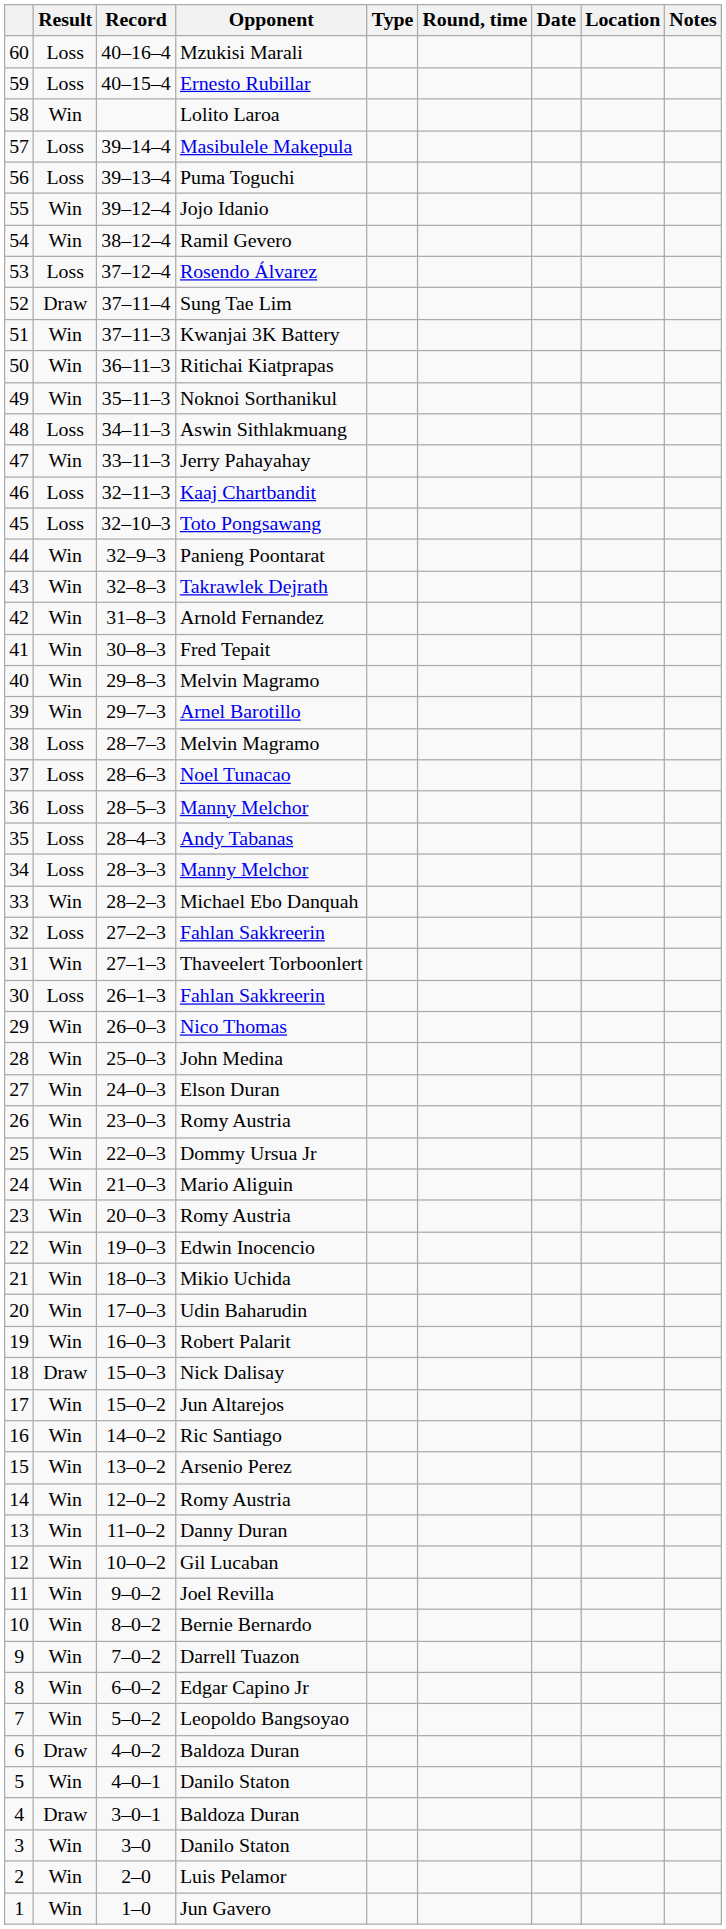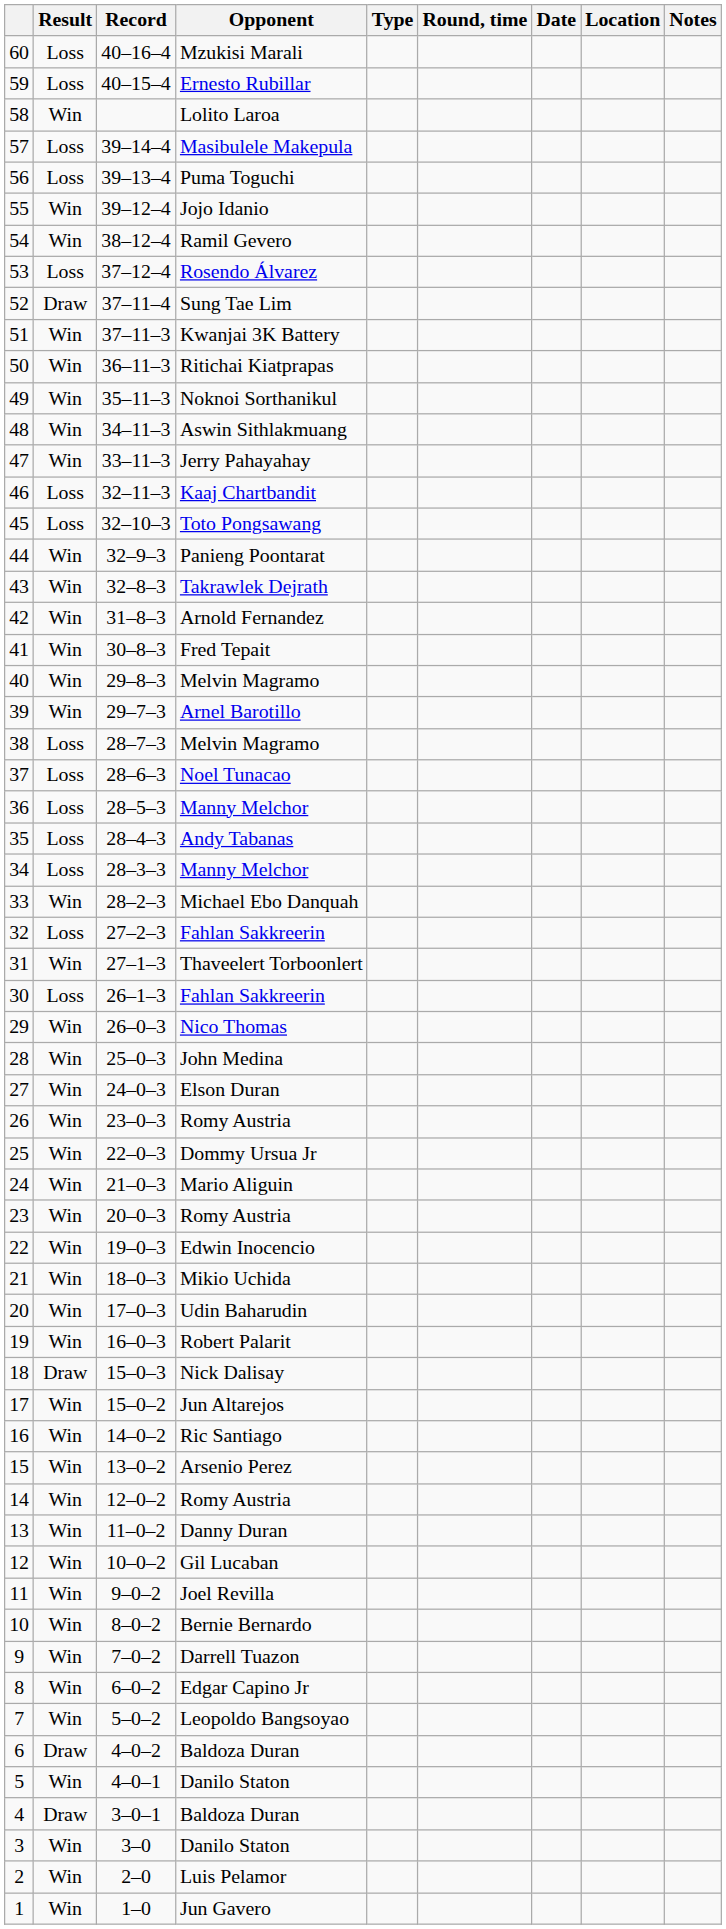 <table class="wikitable" style="text-align:center">
 <tr>
 <th></th>
 <th>Result</th>
 <th>Record</th>
 <th>Opponent</th>
 <th>Type</th>
 <th>Round, time</th>
 <th>Date</th>
 <th>Location</th>
 <th>Notes</th>
 </tr>
 <tr>
 <td>60</td>
 <td>Loss</td>
 <td>40–16–4</td>
 <td align=left>Mzukisi Marali</td>
 <td></td>
 <td></td>
 <td></td>
 <td align=left></td>
 <td align=left></td>
 </tr>
 <tr>
 <td>59</td>
 <td>Loss</td>
 <td>40–15–4</td>
 <td align=left><a href='#'>Ernesto Rubillar</a></td>
 <td></td>
 <td></td>
 <td></td>
 <td align=left></td>
 <td align=left></td>
 </tr>
 <tr>
 <td>58</td>
 <td>Win</td>
 <td></td>
 <td align=left>Lolito Laroa</td>
 <td></td>
 <td></td>
 <td></td>
 <td align=left></td>
 <td align=left></td>
 </tr>
 <tr>
 <td>57</td>
 <td>Loss</td>
 <td>39–14–4</td>
 <td align=left><a href='#'>Masibulele Makepula</a></td>
 <td></td>
 <td></td>
 <td></td>
 <td align=left></td>
 <td align=left></td>
 </tr>
 <tr>
 <td>56</td>
 <td>Loss</td>
 <td>39–13–4</td>
 <td align=left>Puma Toguchi</td>
 <td></td>
 <td></td>
 <td></td>
 <td align=left></td>
 <td align=left></td>
 </tr>
 <tr>
 <td>55</td>
 <td>Win</td>
 <td>39–12–4</td>
 <td align=left>Jojo Idanio</td>
 <td></td>
 <td></td>
 <td></td>
 <td align=left></td>
 <td align=left></td>
 </tr>
 <tr>
 <td>54</td>
 <td>Win</td>
 <td>38–12–4</td>
 <td align=left>Ramil Gevero</td>
 <td></td>
 <td></td>
 <td></td>
 <td align=left></td>
 <td align=left></td>
 </tr>
 <tr>
 <td>53</td>
 <td>Loss</td>
 <td>37–12–4</td>
 <td align=left><a href='#'>Rosendo Álvarez</a></td>
 <td></td>
 <td></td>
 <td></td>
 <td align=left></td>
 <td align=left></td>
 </tr>
 <tr>
 <td>52</td>
 <td>Draw</td>
 <td>37–11–4</td>
 <td align=left>Sung Tae Lim</td>
 <td></td>
 <td></td>
 <td></td>
 <td align=left></td>
 <td align=left></td>
 </tr>
 <tr>
 <td>51</td>
 <td>Win</td>
 <td>37–11–3</td>
 <td align=left>Kwanjai 3K Battery</td>
 <td></td>
 <td></td>
 <td></td>
 <td align=left></td>
 <td align=left></td>
 </tr>
 <tr>
 <td>50</td>
 <td>Win</td>
 <td>36–11–3</td>
 <td align=left>Ritichai Kiatprapas</td>
 <td></td>
 <td></td>
 <td></td>
 <td align=left></td>
 <td align=left></td>
 </tr>
 <tr>
 <td>49</td>
 <td>Win</td>
 <td>35–11–3</td>
 <td align=left>Noknoi Sorthanikul</td>
 <td></td>
 <td></td>
 <td></td>
 <td align=left></td>
 <td align=left></td>
 </tr>
 <tr>
 <td>48</td>
-<td>Loss</td>
+<td>Win</td>
 <td>34–11–3</td>
 <td align=left>Aswin Sithlakmuang</td>
 <td></td>
 <td></td>
 <td></td>
 <td align=left></td>
 <td align=left></td>
 </tr>
 <tr>
 <td>47</td>
 <td>Win</td>
 <td>33–11–3</td>
 <td align=left>Jerry Pahayahay</td>
 <td></td>
 <td></td>
 <td></td>
 <td align=left></td>
 <td align=left></td>
 </tr>
 <tr>
 <td>46</td>
 <td>Loss</td>
 <td>32–11–3</td>
 <td align=left><a href='#'>Kaaj Chartbandit</a></td>
 <td></td>
 <td></td>
 <td></td>
 <td align=left></td>
 <td align=left></td>
 </tr>
 <tr>
 <td>45</td>
 <td>Loss</td>
 <td>32–10–3</td>
 <td align=left><a href='#'>Toto Pongsawang</a></td>
 <td></td>
 <td></td>
 <td></td>
 <td align=left></td>
 <td align=left></td>
 </tr>
 <tr>
 <td>44</td>
 <td>Win</td>
 <td>32–9–3</td>
 <td align=left>Panieng Poontarat</td>
 <td></td>
 <td></td>
 <td></td>
 <td align=left></td>
 <td align=left></td>
 </tr>
 <tr>
 <td>43</td>
 <td>Win</td>
 <td>32–8–3</td>
 <td align=left><a href='#'>Takrawlek Dejrath</a></td>
 <td></td>
 <td></td>
 <td></td>
 <td align=left></td>
 <td align=left></td>
 </tr>
 <tr>
 <td>42</td>
 <td>Win</td>
 <td>31–8–3</td>
 <td align=left>Arnold Fernandez</td>
 <td></td>
 <td></td>
 <td></td>
 <td align=left></td>
 <td align=left></td>
 </tr>
 <tr>
 <td>41</td>
 <td>Win</td>
 <td>30–8–3</td>
 <td align=left>Fred Tepait</td>
 <td></td>
 <td></td>
 <td></td>
 <td align=left></td>
 <td align=left></td>
 </tr>
 <tr>
 <td>40</td>
 <td>Win</td>
 <td>29–8–3</td>
 <td align=left>Melvin Magramo</td>
 <td></td>
 <td></td>
 <td></td>
 <td align=left></td>
 <td align=left></td>
 </tr>
 <tr>
 <td>39</td>
 <td>Win</td>
 <td>29–7–3</td>
 <td align=left><a href='#'>Arnel Barotillo</a></td>
 <td></td>
 <td></td>
 <td></td>
 <td align=left></td>
 <td align=left></td>
 </tr>
 <tr>
 <td>38</td>
 <td>Loss</td>
 <td>28–7–3</td>
 <td align=left>Melvin Magramo</td>
 <td></td>
 <td></td>
 <td></td>
 <td align=left></td>
 <td align=left></td>
 </tr>
 <tr>
 <td>37</td>
 <td>Loss</td>
 <td>28–6–3</td>
 <td align=left><a href='#'>Noel Tunacao</a></td>
 <td></td>
 <td></td>
 <td></td>
 <td align=left></td>
 <td align=left></td>
 </tr>
 <tr>
 <td>36</td>
 <td>Loss</td>
 <td>28–5–3</td>
 <td align=left><a href='#'>Manny Melchor</a></td>
 <td></td>
 <td></td>
 <td></td>
 <td align=left></td>
 <td align=left></td>
 </tr>
 <tr>
 <td>35</td>
 <td>Loss</td>
 <td>28–4–3</td>
 <td align=left><a href='#'>Andy Tabanas</a></td>
 <td></td>
 <td></td>
 <td></td>
 <td align=left></td>
 <td align=left></td>
 </tr>
 <tr>
 <td>34</td>
 <td>Loss</td>
 <td>28–3–3</td>
 <td align=left><a href='#'>Manny Melchor</a></td>
 <td></td>
 <td></td>
 <td></td>
 <td align=left></td>
 <td align=left></td>
 </tr>
 <tr>
 <td>33</td>
 <td>Win</td>
 <td>28–2–3</td>
 <td align=left>Michael Ebo Danquah</td>
 <td></td>
 <td></td>
 <td></td>
 <td align=left></td>
 <td align=left></td>
 </tr>
 <tr>
 <td>32</td>
 <td>Loss</td>
 <td>27–2–3</td>
 <td align=left><a href='#'>Fahlan Sakkreerin</a></td>
 <td></td>
 <td></td>
 <td></td>
 <td align=left></td>
 <td align=left></td>
 </tr>
 <tr>
 <td>31</td>
 <td>Win</td>
 <td>27–1–3</td>
 <td align=left>Thaveelert Torboonlert</td>
 <td></td>
 <td></td>
 <td></td>
 <td align=left></td>
 <td align=left></td>
 </tr>
 <tr>
 <td>30</td>
 <td>Loss</td>
 <td>26–1–3</td>
 <td align=left><a href='#'>Fahlan Sakkreerin</a></td>
 <td></td>
 <td></td>
 <td></td>
 <td align=left></td>
 <td align=left></td>
 </tr>
 <tr>
 <td>29</td>
 <td>Win</td>
 <td>26–0–3</td>
 <td align=left><a href='#'>Nico Thomas</a></td>
 <td></td>
 <td></td>
 <td></td>
 <td align=left></td>
 <td align=left></td>
 </tr>
 <tr>
 <td>28</td>
 <td>Win</td>
 <td>25–0–3</td>
 <td align=left>John Medina</td>
 <td></td>
 <td></td>
 <td></td>
 <td align=left></td>
 <td align=left></td>
 </tr>
 <tr>
 <td>27</td>
 <td>Win</td>
 <td>24–0–3</td>
 <td align=left>Elson Duran</td>
 <td></td>
 <td></td>
 <td></td>
 <td align=left></td>
 <td align=left></td>
 </tr>
 <tr>
 <td>26</td>
 <td>Win</td>
 <td>23–0–3</td>
 <td align=left>Romy Austria</td>
 <td></td>
 <td></td>
 <td></td>
 <td align=left></td>
 <td align=left></td>
 </tr>
 <tr>
 <td>25</td>
 <td>Win</td>
 <td>22–0–3</td>
 <td align=left>Dommy Ursua Jr</td>
 <td></td>
 <td></td>
 <td></td>
 <td align=left></td>
 <td align=left></td>
 </tr>
 <tr>
 <td>24</td>
 <td>Win</td>
 <td>21–0–3</td>
 <td align=left>Mario Aliguin</td>
 <td></td>
 <td></td>
 <td></td>
 <td align=left></td>
 <td align=left></td>
 </tr>
 <tr>
 <td>23</td>
 <td>Win</td>
 <td>20–0–3</td>
 <td align=left>Romy Austria</td>
 <td></td>
 <td></td>
 <td></td>
 <td align=left></td>
 <td align=left></td>
 </tr>
 <tr>
 <td>22</td>
 <td>Win</td>
 <td>19–0–3</td>
 <td align=left>Edwin Inocencio</td>
 <td></td>
 <td></td>
 <td></td>
 <td align=left></td>
 <td align=left></td>
 </tr>
 <tr>
 <td>21</td>
 <td>Win</td>
 <td>18–0–3</td>
 <td align=left>Mikio Uchida</td>
 <td></td>
 <td></td>
 <td></td>
 <td align=left></td>
 <td align=left></td>
 </tr>
 <tr>
 <td>20</td>
 <td>Win</td>
 <td>17–0–3</td>
 <td align=left>Udin Baharudin</td>
 <td></td>
 <td></td>
 <td></td>
 <td align=left></td>
 <td align=left></td>
 </tr>
 <tr>
 <td>19</td>
 <td>Win</td>
 <td>16–0–3</td>
 <td align=left>Robert Palarit</td>
 <td></td>
 <td></td>
 <td></td>
 <td align=left></td>
 <td align=left></td>
 </tr>
 <tr>
 <td>18</td>
 <td>Draw</td>
 <td>15–0–3</td>
 <td align=left>Nick Dalisay</td>
 <td></td>
 <td></td>
 <td></td>
 <td align=left></td>
 <td align=left></td>
 </tr>
 <tr>
 <td>17</td>
 <td>Win</td>
 <td>15–0–2</td>
 <td align=left>Jun Altarejos</td>
 <td></td>
 <td></td>
 <td></td>
 <td align=left></td>
 <td align=left></td>
 </tr>
 <tr>
 <td>16</td>
 <td>Win</td>
 <td>14–0–2</td>
 <td align=left>Ric Santiago</td>
 <td></td>
 <td></td>
 <td></td>
 <td align=left></td>
 <td align=left></td>
 </tr>
 <tr>
 <td>15</td>
 <td>Win</td>
 <td>13–0–2</td>
 <td align=left>Arsenio Perez</td>
 <td></td>
 <td></td>
 <td></td>
 <td align=left></td>
 <td align=left></td>
 </tr>
 <tr>
 <td>14</td>
 <td>Win</td>
 <td>12–0–2</td>
 <td align=left>Romy Austria</td>
 <td></td>
 <td></td>
 <td></td>
 <td align=left></td>
 <td align=left></td>
 </tr>
 <tr>
 <td>13</td>
 <td>Win</td>
 <td>11–0–2</td>
 <td align=left>Danny Duran</td>
 <td></td>
 <td></td>
 <td></td>
 <td align=left></td>
 <td align=left></td>
 </tr>
 <tr>
 <td>12</td>
 <td>Win</td>
 <td>10–0–2</td>
 <td align=left>Gil Lucaban</td>
 <td></td>
 <td></td>
 <td></td>
 <td align=left></td>
 <td align=left></td>
 </tr>
 <tr>
 <td>11</td>
 <td>Win</td>
 <td>9–0–2</td>
 <td align=left>Joel Revilla</td>
 <td></td>
 <td></td>
 <td></td>
 <td align=left></td>
 <td align=left></td>
 </tr>
 <tr>
 <td>10</td>
 <td>Win</td>
 <td>8–0–2</td>
 <td align=left>Bernie Bernardo</td>
 <td></td>
 <td></td>
 <td></td>
 <td align=left></td>
 <td align=left></td>
 </tr>
 <tr>
 <td>9</td>
 <td>Win</td>
 <td>7–0–2</td>
 <td align=left>Darrell Tuazon</td>
 <td></td>
 <td></td>
 <td></td>
 <td align=left></td>
 <td align=left></td>
 </tr>
 <tr>
 <td>8</td>
 <td>Win</td>
 <td>6–0–2</td>
 <td align=left>Edgar Capino Jr</td>
 <td></td>
 <td></td>
 <td></td>
 <td align=left></td>
 <td align=left></td>
 </tr>
 <tr>
 <td>7</td>
 <td>Win</td>
 <td>5–0–2</td>
 <td align=left>Leopoldo Bangsoyao</td>
 <td></td>
 <td></td>
 <td></td>
 <td align=left></td>
 <td align=left></td>
 </tr>
 <tr>
 <td>6</td>
 <td>Draw</td>
 <td>4–0–2</td>
 <td align=left>Baldoza Duran</td>
 <td></td>
 <td></td>
 <td></td>
 <td align=left></td>
 <td align=left></td>
 </tr>
 <tr>
 <td>5</td>
 <td>Win</td>
 <td>4–0–1</td>
 <td align=left>Danilo Staton</td>
 <td></td>
 <td></td>
 <td></td>
 <td align=left></td>
 <td align=left></td>
 </tr>
 <tr>
 <td>4</td>
 <td>Draw</td>
 <td>3–0–1</td>
 <td align=left>Baldoza Duran</td>
 <td></td>
 <td></td>
 <td></td>
 <td align=left></td>
 <td align=left></td>
 </tr>
 <tr>
 <td>3</td>
 <td>Win</td>
 <td>3–0</td>
 <td align=left>Danilo Staton</td>
 <td></td>
 <td></td>
 <td></td>
 <td align=left></td>
 <td align=left></td>
 </tr>
 <tr>
 <td>2</td>
 <td>Win</td>
 <td>2–0</td>
 <td align=left>Luis Pelamor</td>
 <td></td>
 <td></td>
 <td></td>
 <td align=left></td>
 <td align=left></td>
 </tr>
 <tr>
 <td>1</td>
 <td>Win</td>
 <td>1–0</td>
 <td align=left>Jun Gavero</td>
 <td></td>
 <td></td>
 <td></td>
 <td align=left></td>
 <td align=left></td>
 </tr>
 </table>
